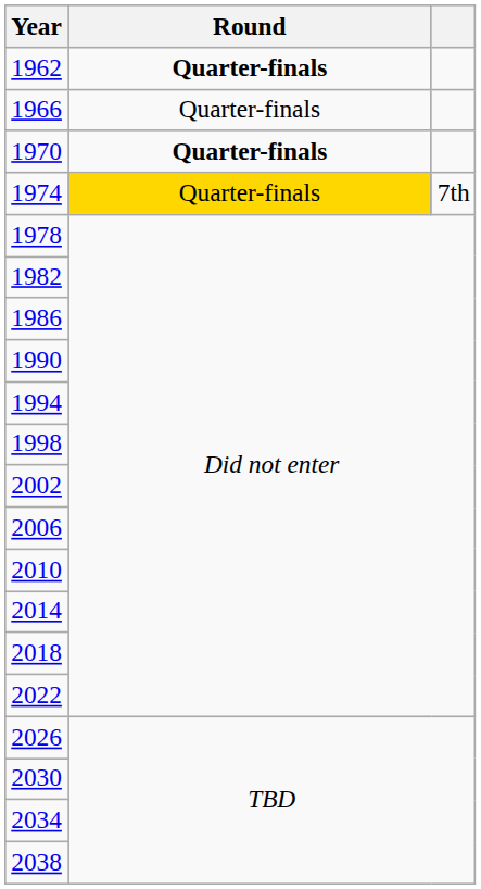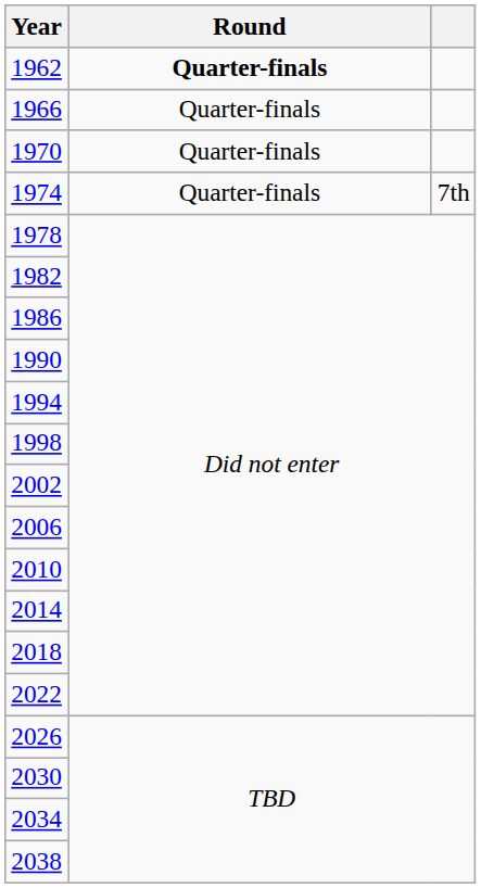 <table class="wikitable" style="text-align: center; font-size:90%">
 <tr>
 <th>Year</th>
 <th style="width:200px">Round</th>
 <th></th>
 </tr>
 <tr>
 <td><a href='#'>1962</a></td>
 <td><strong>Quarter-finals</strong></td>
 <td></td>
 </tr>
 <tr>
 <td><a href='#'>1966</a></td>
 <td>Quarter-finals</td>
 <td></td>
 </tr>
 <tr>
 <td><a href='#'>1970</a></td>
-<td><strong>Quarter-finals</strong></td>
+<td>Quarter-finals</td>
 <td></td>
 </tr>
 <tr>
 <td><a href='#'>1974</a></td>
-<td style="background: gold;">Quarter-finals</td>
+<td>Quarter-finals</td>
 <td>7th</td>
 </tr>
 <tr>
 <td><a href='#'>1978</a></td>
 <td colspan="2" rowspan="12"><em>Did not enter</em></td>
 </tr>
 <tr>
 <td><a href='#'>1982</a></td>
 </tr>
 <tr>
 <td><a href='#'>1986</a></td>
 </tr>
 <tr>
 <td><a href='#'>1990</a></td>
 </tr>
 <tr>
 <td><a href='#'>1994</a></td>
 </tr>
 <tr>
 <td><a href='#'>1998</a></td>
 </tr>
 <tr>
 <td><a href='#'>2002</a></td>
 </tr>
 <tr>
 <td><a href='#'>2006</a></td>
 </tr>
 <tr>
 <td><a href='#'>2010</a></td>
 </tr>
 <tr>
 <td><a href='#'>2014</a></td>
 </tr>
 <tr>
 <td><a href='#'>2018</a></td>
 </tr>
 <tr>
 <td><a href='#'>2022</a></td>
 </tr>
 <tr>
 <td><a href='#'>2026</a></td>
 <td colspan="2" rowspan="4"><em>TBD</em></td>
 </tr>
 <tr>
 <td><a href='#'>2030</a></td>
 </tr>
 <tr>
 <td><a href='#'>2034</a></td>
 </tr>
 <tr>
 <td><a href='#'>2038</a></td>
 </tr>
 </table>
